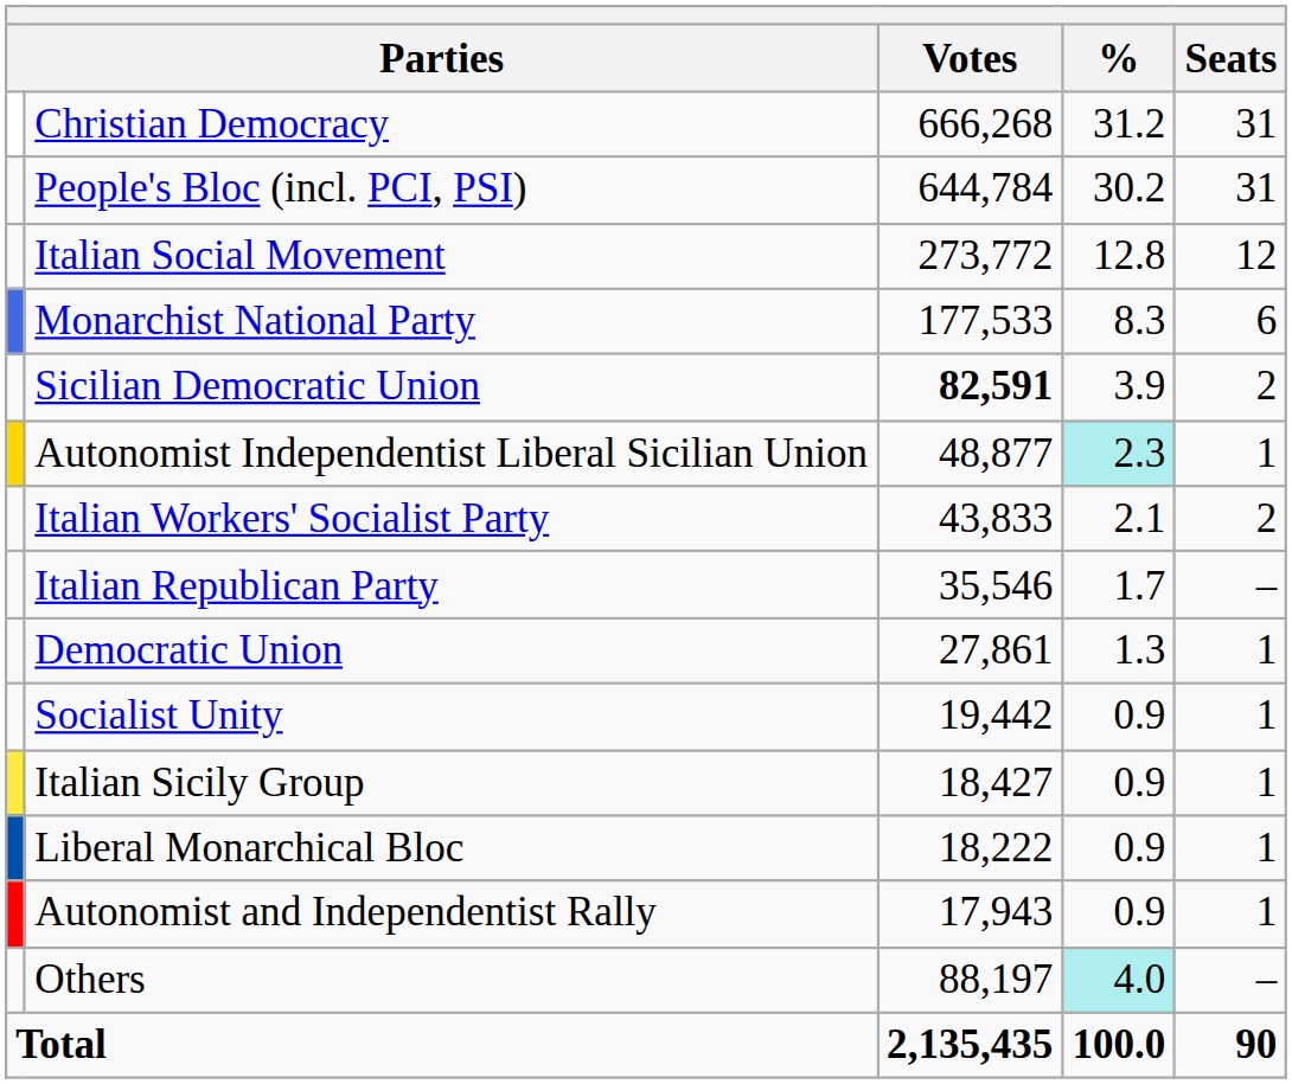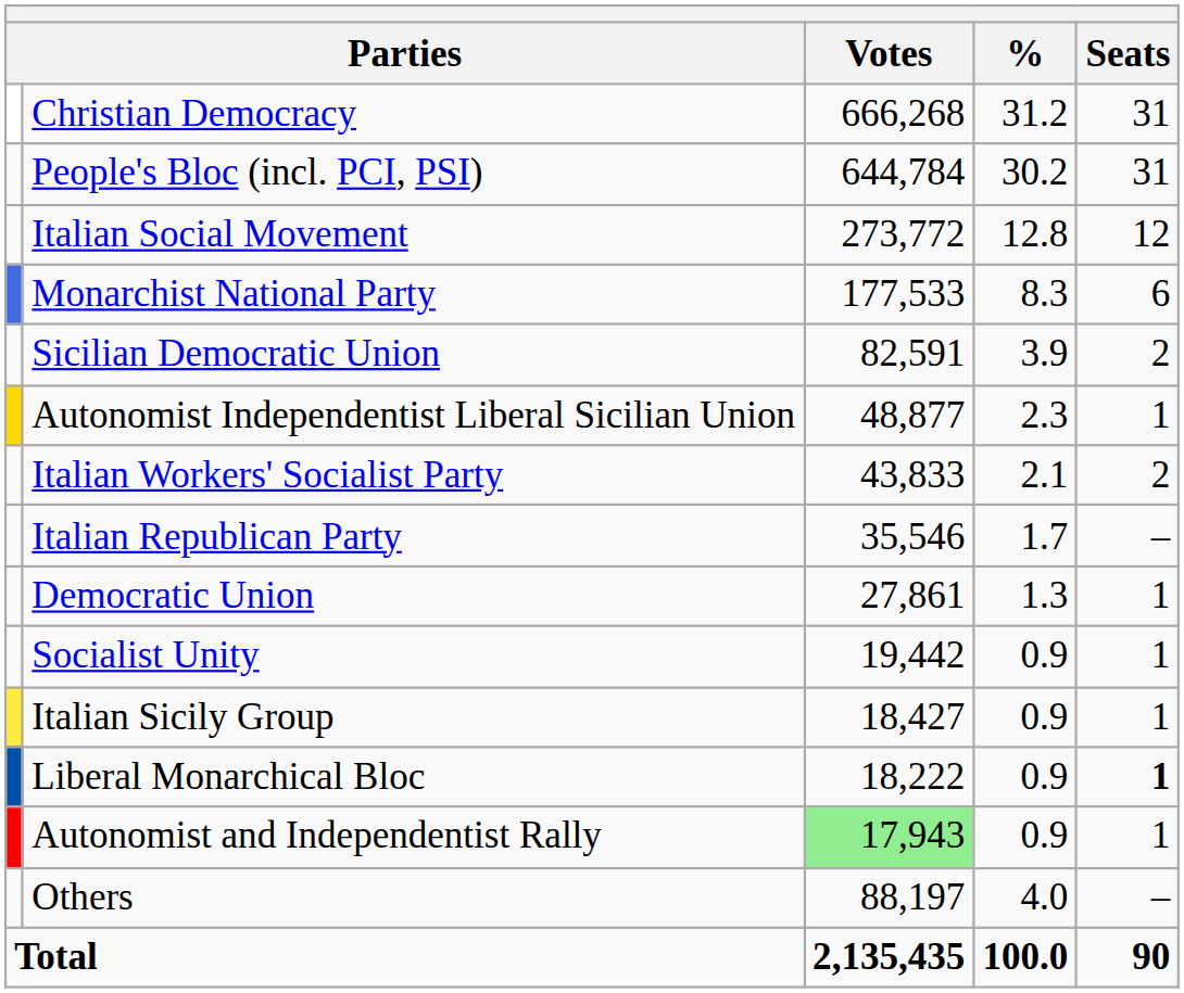 <table class="wikitable" style="font-size:100%">
 <tr>
 <th colspan=5></th>
 </tr>
 <tr>
 <th colspan=2>Parties</th>
 <th>Votes</th>
 <th>%</th>
 <th>Seats</th>
 </tr>
 <tr>
 <td bgcolor="white"></td>
 <td><a href='#'>Christian Democracy</a></td>
 <td align=right>666,268</td>
 <td align=right>31.2</td>
 <td align=right>31</td>
 </tr>
 <tr>
 <td></td>
 <td><a href='#'>People's Bloc</a> (incl. <a href='#'>PCI</a>, <a href='#'>PSI</a>)</td>
 <td align=right>644,784</td>
 <td align=right>30.2</td>
 <td align=right>31</td>
 </tr>
 <tr>
 <td></td>
 <td><a href='#'>Italian Social Movement</a></td>
 <td align=right>273,772</td>
 <td align=right>12.8</td>
 <td align=right>12</td>
 </tr>
 <tr>
 <td bgcolor="royalblue"></td>
 <td><a href='#'>Monarchist National Party</a></td>
 <td align=right>177,533</td>
 <td align=right>8.3</td>
 <td align=right>6</td>
 </tr>
 <tr>
 <td></td>
 <td><a href='#'>Sicilian Democratic Union</a></td>
-<td align=right><strong>82,591</strong></td>
+<td align=right>82,591</td>
 <td align=right>3.9</td>
 <td align=right>2</td>
 </tr>
 <tr>
 <td bgcolor="gold"></td>
 <td>Autonomist Independentist Liberal Sicilian Union</td>
 <td align=right>48,877</td>
-<td align=right style="background: paleturquoise;">2.3</td>
+<td align=right>2.3</td>
 <td align=right>1</td>
 </tr>
 <tr>
 <td></td>
 <td><a href='#'>Italian Workers' Socialist Party</a></td>
 <td align=right>43,833</td>
 <td align=right>2.1</td>
 <td align=right>2</td>
 </tr>
 <tr>
 <td></td>
 <td><a href='#'>Italian Republican Party</a></td>
 <td align=right>35,546</td>
 <td align=right>1.7</td>
 <td align=right>–</td>
 </tr>
 <tr>
 <td></td>
 <td><a href='#'>Democratic Union</a></td>
 <td align=right>27,861</td>
 <td align=right>1.3</td>
 <td align=right>1</td>
 </tr>
 <tr>
 <td></td>
 <td><a href='#'>Socialist Unity</a></td>
 <td align=right>19,442</td>
 <td align=right>0.9</td>
 <td align=right>1</td>
 </tr>
 <tr>
 <td bgcolor="#FFEB3B"></td>
 <td>Italian Sicily Group</td>
 <td align=right>18,427</td>
 <td align=right>0.9</td>
 <td align=right>1</td>
 </tr>
 <tr>
 <td bgcolor="#0050AA"></td>
 <td>Liberal Monarchical Bloc</td>
 <td align=right>18,222</td>
 <td align=right>0.9</td>
-<td align=right>1</td>
+<td align=right><strong>1</strong></td>
 </tr>
 <tr>
 <td bgcolor="red"></td>
 <td>Autonomist and Independentist Rally</td>
-<td align=right>17,943</td>
+<td align=right style="background: lightgreen;">17,943</td>
 <td align=right>0.9</td>
 <td align=right>1</td>
 </tr>
 <tr>
 <td></td>
 <td>Others</td>
 <td align=right>88,197</td>
-<td align=right style="background: paleturquoise;">4.0</td>
+<td align=right>4.0</td>
 <td align=right>–</td>
 </tr>
 <tr>
 <td colspan=2><strong>Total</strong></td>
 <td align=right><strong>2,135,435</strong></td>
 <td align=right><strong>100.0</strong></td>
 <td align=right><strong>90</strong></td>
 </tr>
 </table>
